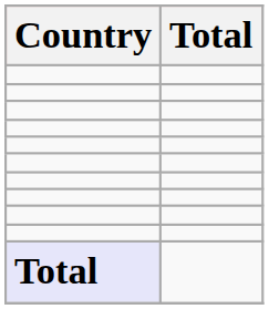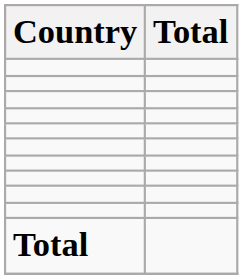 <table class="wikitable sortable centre">
 <tr align="center" bgcolor="#ffbbbb">
 <th>Country</th>
 <th>Total</th>
 </tr>
 <tr>
 <td></td>
 <td><strong></strong></td>
 </tr>
 <tr>
 <td></td>
 <td></td>
 </tr>
 <tr>
 <td></td>
 <td></td>
 </tr>
 <tr>
 <td></td>
 <td></td>
 </tr>
 <tr>
 <td></td>
 <td><strong></strong></td>
 </tr>
 <tr>
 <td></td>
 <td></td>
 </tr>
 <tr>
 <td></td>
 <td><strong></strong></td>
 </tr>
 <tr>
 <td></td>
 <td></td>
 </tr>
 <tr>
 <td></td>
 <td><strong></strong></td>
 </tr>
 <tr>
 <td></td>
 <td><strong></strong></td>
 </tr>
 <tr>
-<td style="background: lavender;"><strong>Total</strong></td>
+<td><strong>Total</strong></td>
 <td><strong></strong></td>
 </tr>
 <tr>
 </tr>
 </table>
